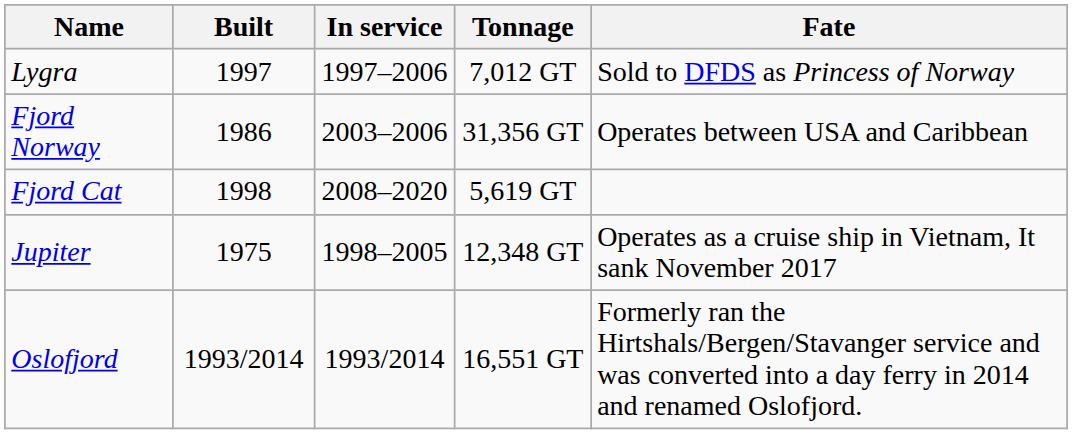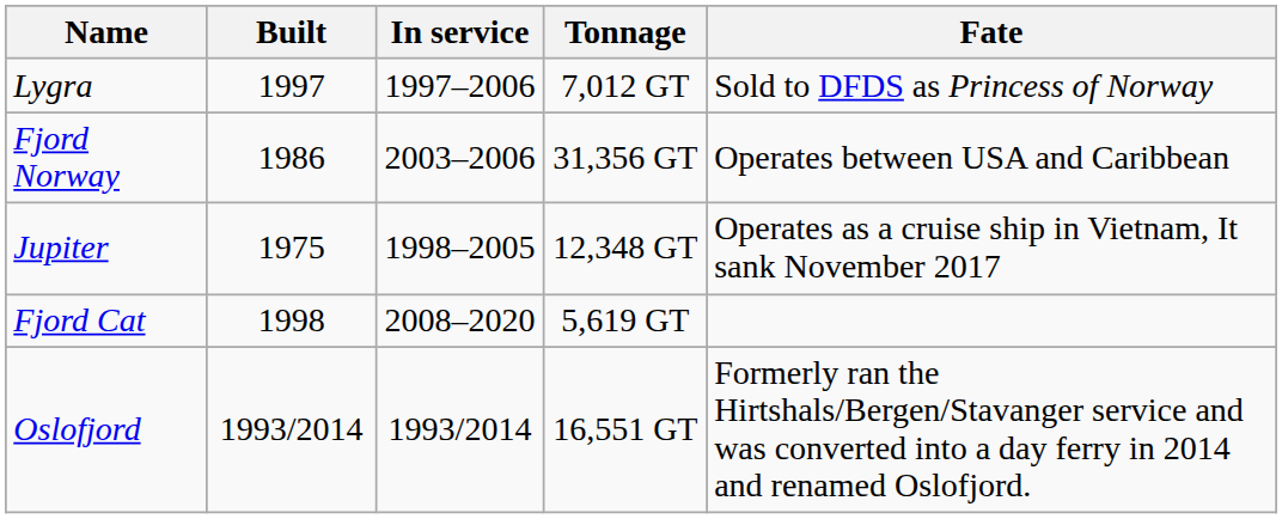 <table class="wikitable">
 <tr>
 <th scope="col" width="100">Name</th>
 <th scope="col" width="75">Built</th>
 <th scope="col" width="75">In service</th>
 <th scope="col" width="75">Tonnage</th>
 <th scope="col" width="300">Fate</th>
 </tr>
 <tr>
 <td><em>Lygra</em></td>
 <td align="Center">1997</td>
 <td align="Center">1997–2006</td>
 <td align="Center">7,012 GT</td>
 <td>Sold to <a href='#'>DFDS</a> as <em>Princess of Norway</em></td>
 </tr>
 <tr>
 <td><a href='#'><em>Fjord Norway</em></a></td>
 <td align="Center">1986</td>
 <td align="Center">2003–2006</td>
 <td align="Center">31,356 GT</td>
 <td>Operates between USA and Caribbean</td>
 </tr>
 <tr>
+<td><a href='#'><em>Jupiter</em></a></td>
+<td align="Center">1975</td>
+<td align="Center">1998–2005</td>
+<td align="Center">12,348 GT</td>
+<td>Operates as a cruise ship in Vietnam, It sank November 2017</td>
+</tr>
+<tr>
 <td><a href='#'><em>Fjord Cat</em></a></td>
 <td align="Center">1998</td>
 <td align="Center">2008–2020</td>
 <td align="Center">5,619 GT</td>
 <td></td>
-</tr>
-<tr>
-<td><a href='#'><em>Jupiter</em></a></td>
-<td align="Center">1975</td>
-<td align="Center">1998–2005</td>
-<td align="Center">12,348 GT</td>
-<td>Operates as a cruise ship in Vietnam, It sank November 2017</td>
 </tr>
 <tr>
 <td><a href='#'><em>Oslofjord</em></a></td>
 <td align="Center">1993/2014</td>
 <td align="Center">1993/2014</td>
 <td align="Center">16,551 GT</td>
 <td>Formerly ran the Hirtshals/Bergen/Stavanger service and was converted into a day ferry in 2014 and renamed Oslofjord.</td>
 </tr>
 </table>
